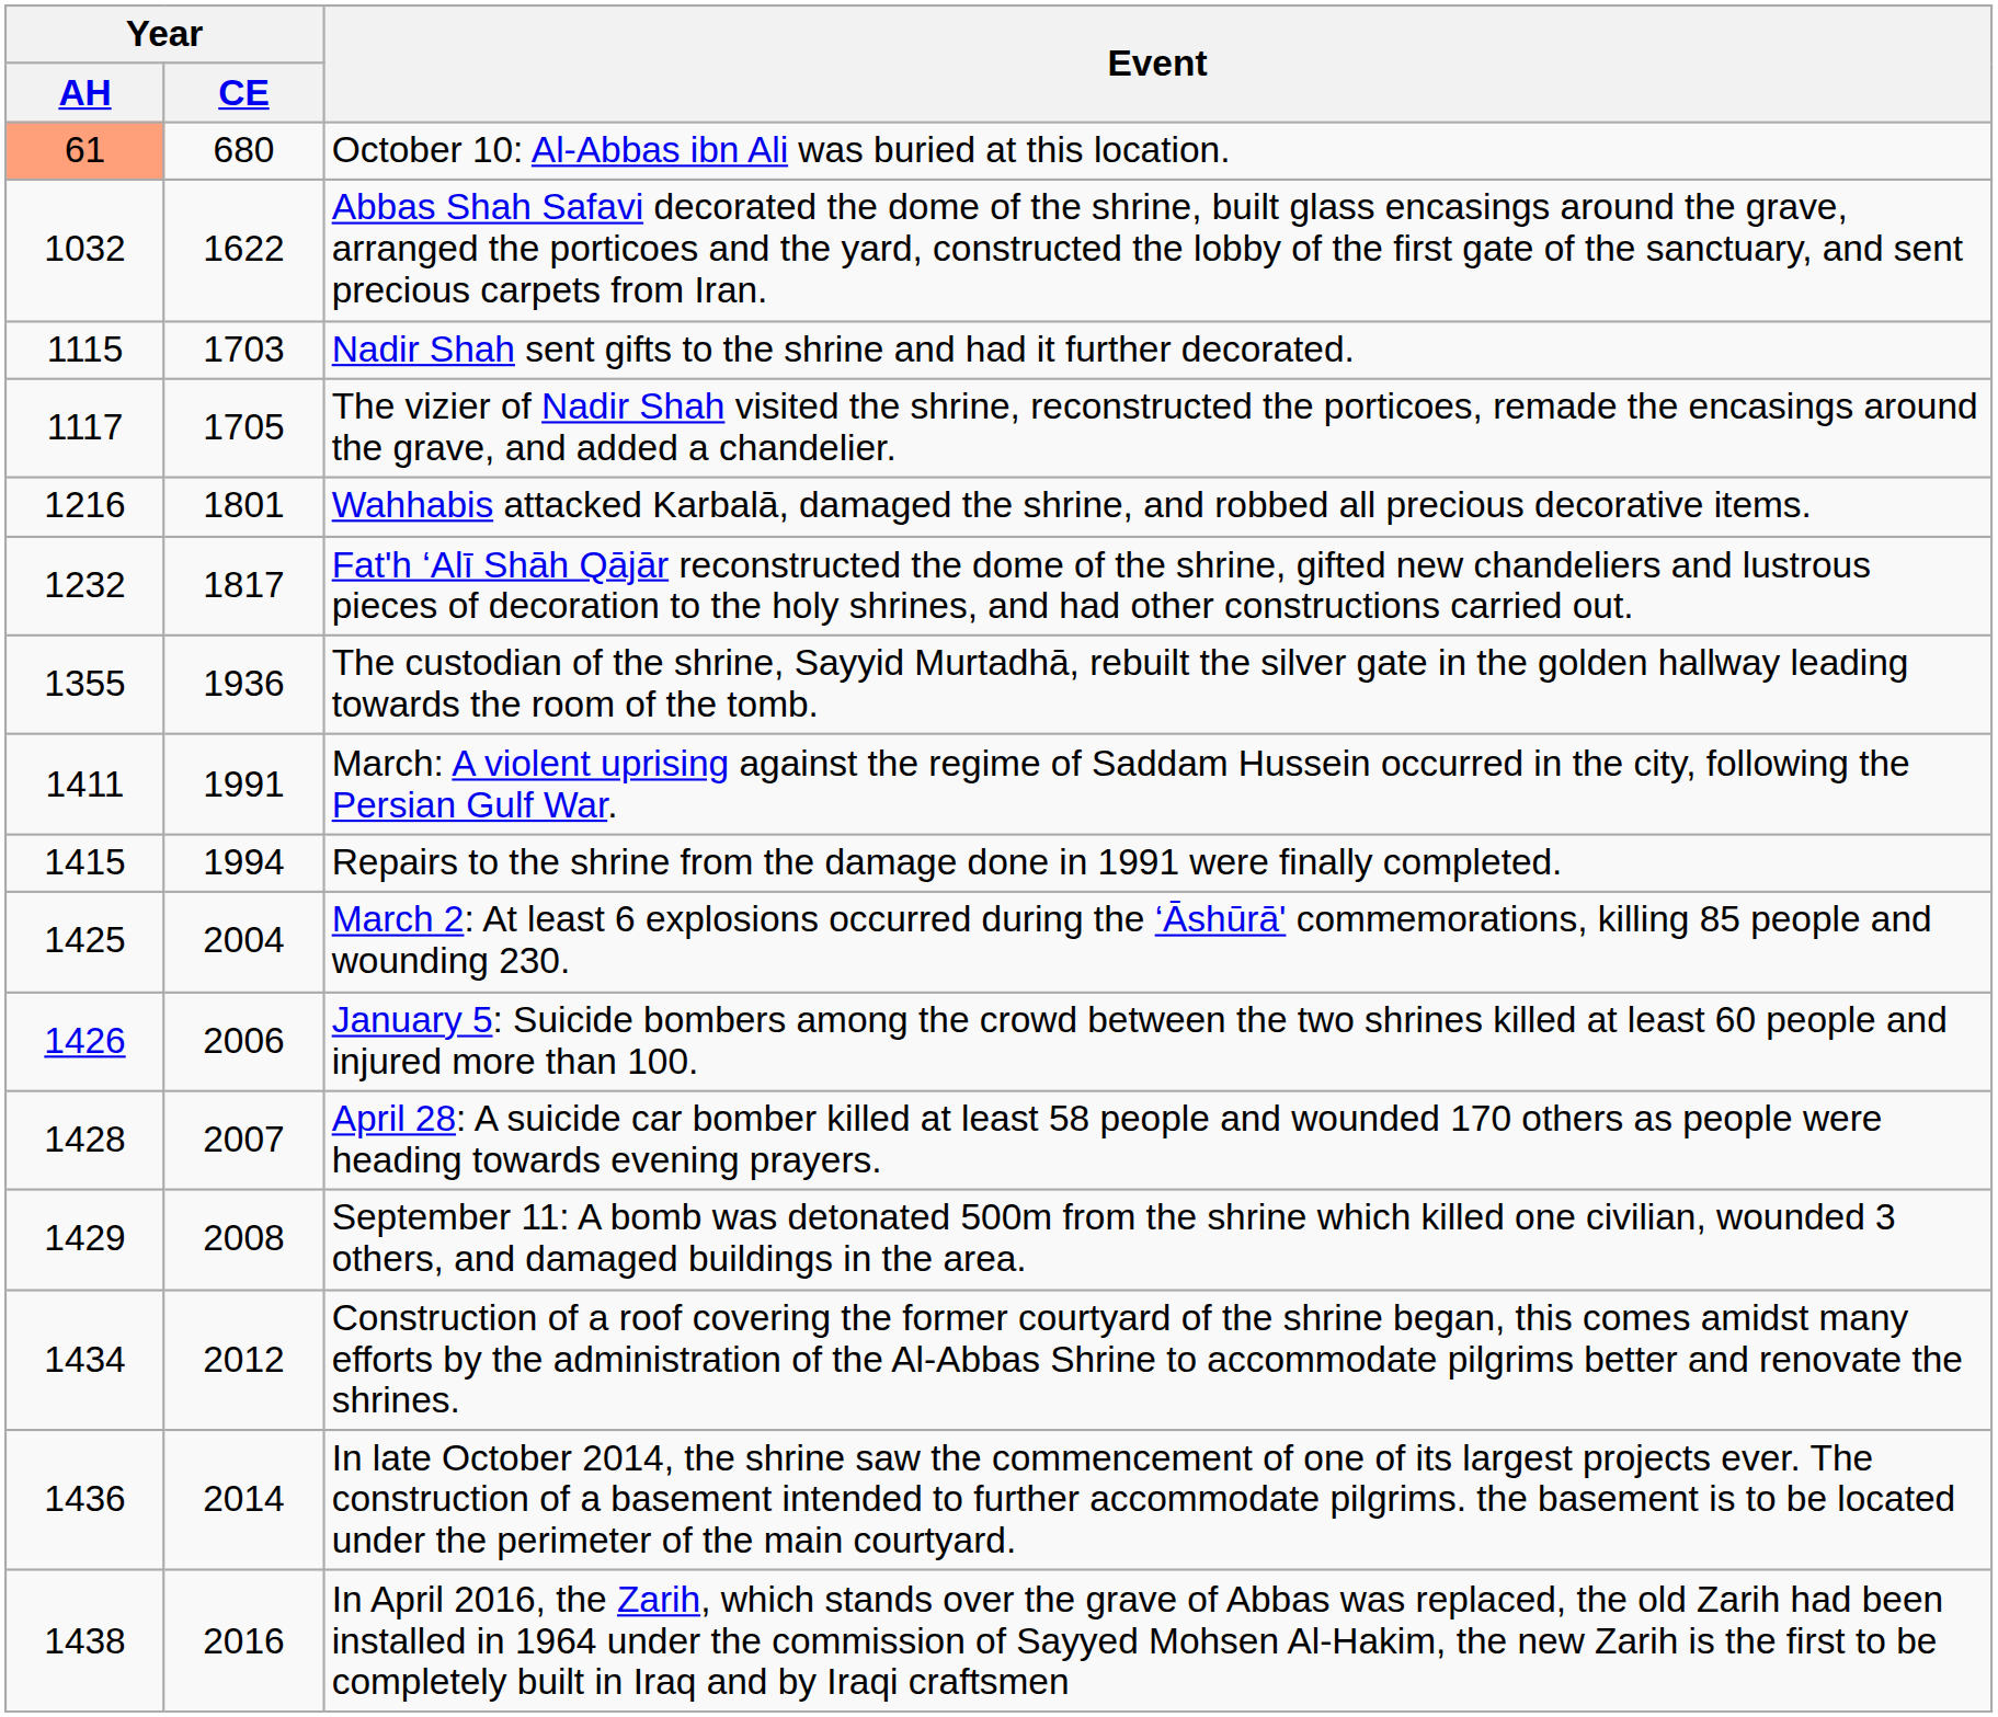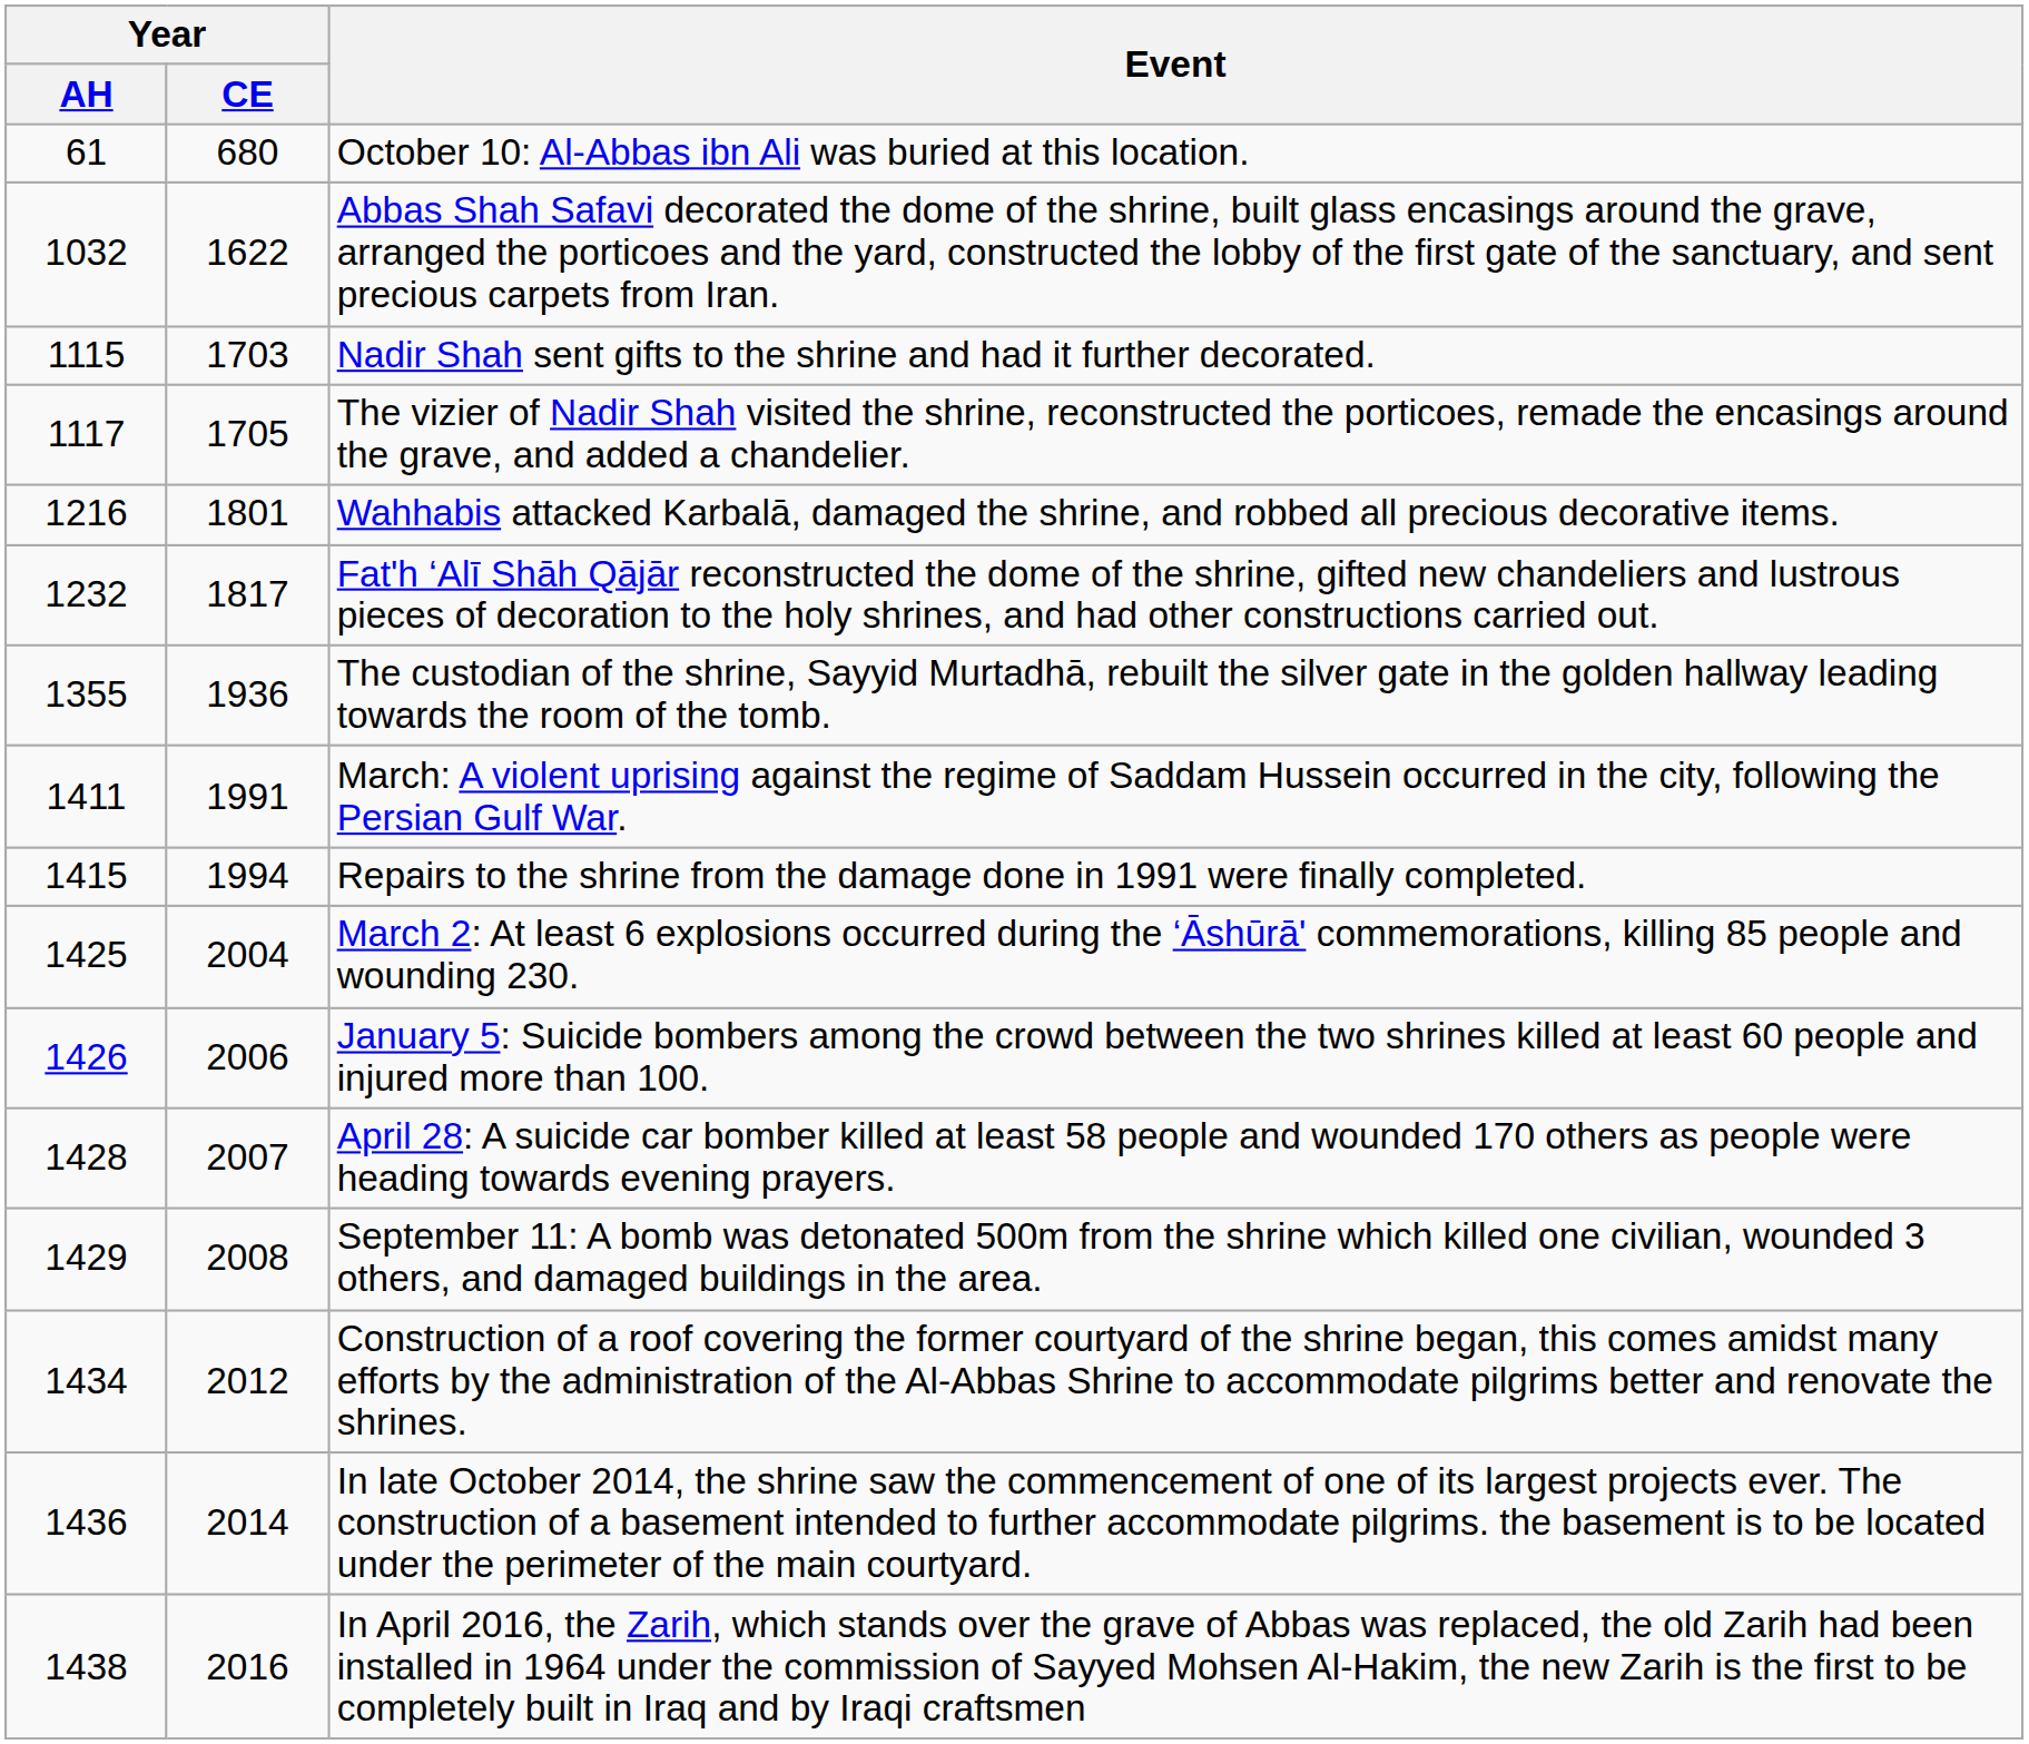 <table class="wikitable">
 <tr>
 <th colspan="2" width="16%">Year</th>
 <th rowspan="2">Event</th>
 </tr>
 <tr>
 <th width="8%"><a href='#'>AH</a></th>
 <th width="8%"><a href='#'>CE</a></th>
 </tr>
 <tr>
-<td align="center" style="background: lightsalmon;">61</td>
+<td align="center">61</td>
 <td align="center">680</td>
 <td>October 10: <a href='#'>Al-Abbas ibn Ali</a> was buried at this location.</td>
 </tr>
 <tr>
 <td align="center">1032</td>
 <td align="center">1622</td>
 <td><a href='#'>Abbas Shah Safavi</a> decorated the dome of the shrine, built glass encasings around the grave, arranged the porticoes and the yard, constructed the lobby of the first gate of the sanctuary, and sent precious carpets from Iran.</td>
 </tr>
 <tr>
 <td align="center">1115</td>
 <td align="center">1703</td>
 <td><a href='#'>Nadir Shah</a> sent gifts to the shrine and had it further decorated.</td>
 </tr>
 <tr>
 <td align="center">1117</td>
 <td align="center">1705</td>
 <td>The vizier of <a href='#'>Nadir Shah</a> visited the shrine, reconstructed the porticoes, remade the encasings around the grave, and added a chandelier.</td>
 </tr>
 <tr>
 <td align="center">1216</td>
 <td align="center">1801</td>
 <td><a href='#'>Wahhabis</a> attacked Karbalā, damaged the shrine, and robbed all precious decorative items.</td>
 </tr>
 <tr>
 <td align="center">1232</td>
 <td align="center">1817</td>
 <td><a href='#'>Fat'h ‘Alī Shāh Qājār</a> reconstructed the dome of the shrine, gifted new chandeliers and lustrous pieces of decoration to the holy shrines, and had other constructions carried out.</td>
 </tr>
 <tr>
 <td align="center">1355</td>
 <td align="center">1936</td>
 <td>The custodian of the shrine, Sayyid Murtadhā, rebuilt the silver gate in the golden hallway leading towards the room of the tomb.</td>
 </tr>
 <tr>
 <td align="center">1411</td>
 <td align="center">1991</td>
 <td>March: <a href='#'>A violent uprising</a> against the regime of Saddam Hussein occurred in the city, following the <a href='#'>Persian Gulf War</a>.</td>
 </tr>
 <tr>
 <td align="center">1415</td>
 <td align="center">1994</td>
 <td>Repairs to the shrine from the damage done in 1991 were finally completed.</td>
 </tr>
 <tr>
 <td align="center">1425</td>
 <td align="center">2004</td>
 <td><a href='#'>March 2</a>: At least 6 explosions occurred during the <a href='#'>‘Āshūrā'</a> commemorations, killing 85 people and wounding 230.</td>
 </tr>
 <tr>
 <td align="center"><a href='#'>1426</a></td>
 <td align="center">2006</td>
 <td><a href='#'>January 5</a>: Suicide bombers among the crowd between the two shrines killed at least 60 people and injured more than 100.</td>
 </tr>
 <tr>
 <td align="center">1428</td>
 <td align="center">2007</td>
 <td><a href='#'>April 28</a>: A suicide car bomber killed at least 58 people and wounded 170 others as people were heading towards evening prayers.</td>
 </tr>
 <tr>
 <td align="center">1429</td>
 <td align="center">2008</td>
 <td>September 11: A bomb was detonated 500m from the shrine which killed one civilian, wounded 3 others, and damaged buildings in the area.</td>
 </tr>
 <tr>
 <td align="center">1434</td>
 <td align="center">2012</td>
 <td>Construction of a roof covering the former courtyard of the shrine began, this comes amidst many efforts by the administration of the Al-Abbas Shrine to accommodate pilgrims better and renovate the shrines.</td>
 </tr>
 <tr>
 <td align="center">1436</td>
 <td align="center">2014</td>
 <td>In late October 2014, the shrine saw the commencement of one of its largest projects ever. The construction of a basement intended to further accommodate pilgrims. the basement is to be located under the perimeter of the main courtyard.</td>
 </tr>
 <tr>
 <td align="center">1438</td>
 <td align="center">2016</td>
 <td>In April 2016, the <a href='#'>Zarih</a>, which stands over the grave of Abbas was replaced, the old Zarih had been installed in 1964 under the commission of Sayyed Mohsen Al-Hakim, the new Zarih is the first to be completely built in Iraq and by Iraqi craftsmen</td>
 </tr>
 </table>
